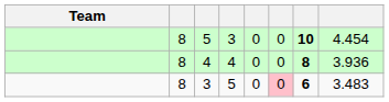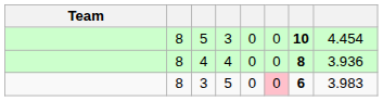 <table class="wikitable" style="text-align:center">
 <tr>
 <th style="width:175px;">Team</th>
 <th style="width:20px;"></th>
 <th style="width:20px;"></th>
 <th style="width:20px;"></th>
 <th style="width:20px;"></th>
 <th style="width:20px;"></th>
 <th style="width:20px;"></th>
 <th style="width:65px;"></th>
 </tr>
 <tr style="background:#cfc;">
 <td style="text-align:left"></td>
 <td>8</td>
 <td>5</td>
 <td>3</td>
 <td>0</td>
 <td>0</td>
 <td><strong>10</strong></td>
 <td>4.454</td>
 </tr>
 <tr style="background:#cfc;">
 <td style="text-align:left"></td>
 <td>8</td>
 <td>4</td>
 <td>4</td>
 <td>0</td>
 <td>0</td>
 <td><strong>8</strong></td>
 <td>3.936</td>
 </tr>
 <tr>
 <td style="text-align:left"></td>
 <td>8</td>
 <td>3</td>
 <td>5</td>
 <td>0</td>
 <td style="background: pink;">0</td>
 <td><strong>6</strong></td>
-<td>3.483</td>
+<td>3.983</td>
 </tr>
 </table>
